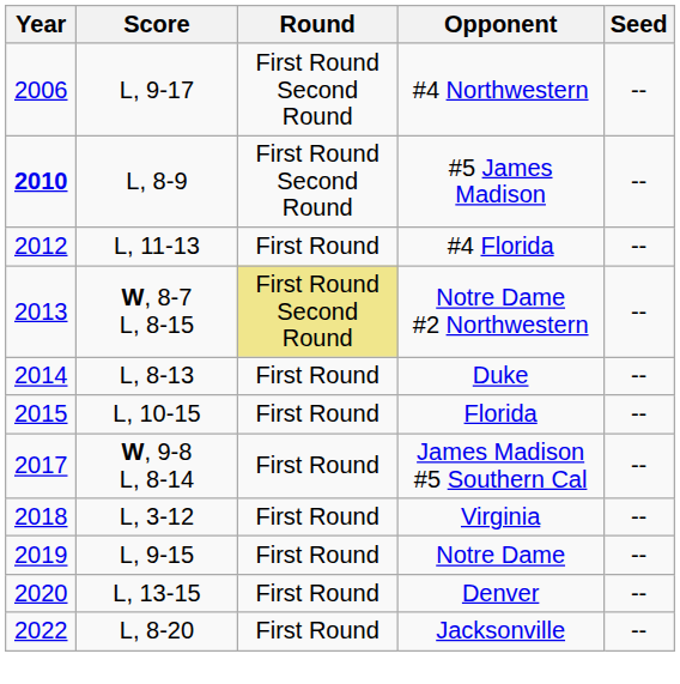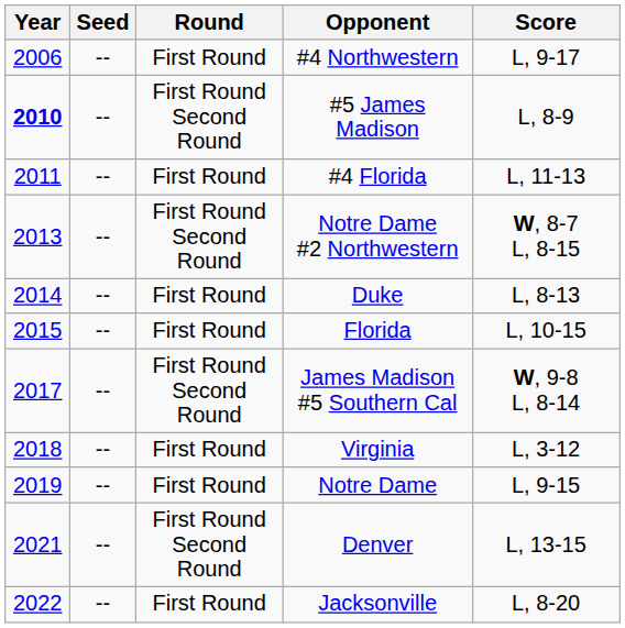 <table class="wikitable">
 <tr>
 <th style="width:40px; ">Year</th>
-<th style="width:100px; ">Score</th>
+<th style="width:40px; ">Seed</th>
 <th style="width:100px; ">Round</th>
 <th style="width:130px; ">Opponent</th>
-<th style="width:40px; ">Seed</th>
+<th style="width:100px; ">Score</th>
 </tr>
 <tr align="center">
 <td><a href='#'>2006</a></td>
+<td>--</td>
+<td>First Round</td>
+<td>#4 <a href='#'>Northwestern</a></td>
 <td>L, 9-17</td>
-<td>First Round<br>Second Round</td>
-<td>#4 <a href='#'>Northwestern</a></td>
-<td>--</td>
 </tr>
 <tr align="center">
 <td><strong><a href='#'>2010</a></strong></td>
-<td>L, 8-9</td>
+<td>--</td>
 <td>First Round<br>Second Round</td>
 <td>#5 <a href='#'>James Madison</a></td>
-<td>--</td>
+<td>L, 8-9</td>
 </tr>
 <tr align="center">
-<td><a href='#'>2012</a></td>
-<td>L, 11-13</td>
+<td><a href='#'>2011</a></td>
+<td>--</td>
 <td>First Round</td>
 <td>#4 <a href='#'>Florida</a></td>
-<td>--</td>
+<td>L, 11-13</td>
 </tr>
 <tr align="center">
 <td><a href='#'>2013</a></td>
+<td>--</td>
+<td>First Round<br>Second Round</td>
+<td><a href='#'>Notre Dame</a><br>#2 <a href='#'>Northwestern</a></td>
 <td><strong>W</strong>, 8-7<br>L, 8-15</td>
-<td style="background: khaki;">First Round<br>Second Round</td>
-<td><a href='#'>Notre Dame</a><br>#2 <a href='#'>Northwestern</a></td>
-<td>--</td>
 </tr>
 <tr align="center">
 <td><a href='#'>2014</a></td>
-<td>L, 8-13</td>
+<td>--</td>
 <td>First Round</td>
 <td><a href='#'>Duke</a></td>
-<td>--</td>
+<td>L, 8-13</td>
 </tr>
 <tr align="center">
 <td><a href='#'>2015</a></td>
-<td>L, 10-15</td>
+<td>--</td>
 <td>First Round</td>
 <td><a href='#'>Florida</a></td>
-<td>--</td>
+<td>L, 10-15</td>
 </tr>
 <tr align="center">
 <td><a href='#'>2017</a></td>
+<td>--</td>
+<td>First Round<br>Second Round</td>
+<td><a href='#'>James Madison</a><br>#5 <a href='#'>Southern Cal</a></td>
 <td><strong>W</strong>, 9-8<br>L, 8-14</td>
-<td>First Round</td>
-<td><a href='#'>James Madison</a><br>#5 <a href='#'>Southern Cal</a></td>
-<td>--</td>
 </tr>
 <tr align="center">
 <td><a href='#'>2018</a></td>
-<td>L, 3-12</td>
+<td>--</td>
 <td>First Round</td>
 <td><a href='#'>Virginia</a></td>
-<td>--</td>
+<td>L, 3-12</td>
 </tr>
 <tr align="center">
 <td><a href='#'>2019</a></td>
-<td>L, 9-15</td>
+<td>--</td>
 <td>First Round</td>
 <td><a href='#'>Notre Dame</a></td>
-<td>--</td>
+<td>L, 9-15</td>
 </tr>
 <tr align="center">
-<td><a href='#'>2020</a></td>
+<td><a href='#'>2021</a></td>
+<td>--</td>
+<td>First Round<br>Second Round</td>
+<td><a href='#'>Denver</a></td>
 <td>L, 13-15</td>
-<td>First Round</td>
-<td><a href='#'>Denver</a></td>
-<td>--</td>
 </tr>
 <tr align="center">
 <td><a href='#'>2022</a></td>
-<td>L, 8-20</td>
+<td>--</td>
 <td>First Round</td>
 <td><a href='#'>Jacksonville</a></td>
-<td>--</td>
+<td>L, 8-20</td>
 </tr>
 </table>
